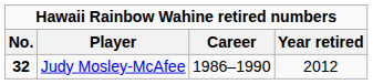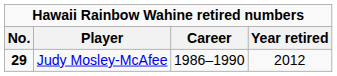 <table class="wikitable sortable" style="text-align:center">
 <tr>
 <td colspan="4"><strong>Hawaii Rainbow Wahine retired numbers</strong></td>
 </tr>
 <tr>
 <th>No.</th>
 <th>Player</th>
 <th>Career</th>
 <th>Year retired</th>
 </tr>
 <tr>
-<td><strong>32</strong></td>
+<td><strong>29</strong></td>
 <td><a href='#'>Judy Mosley-McAfee</a></td>
 <td>1986–1990</td>
 <td>2012</td>
 </tr>
 </table>
